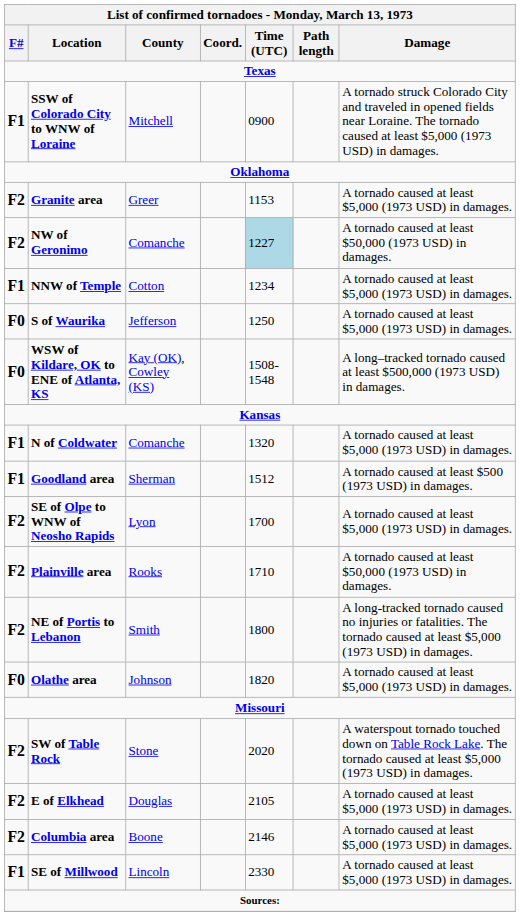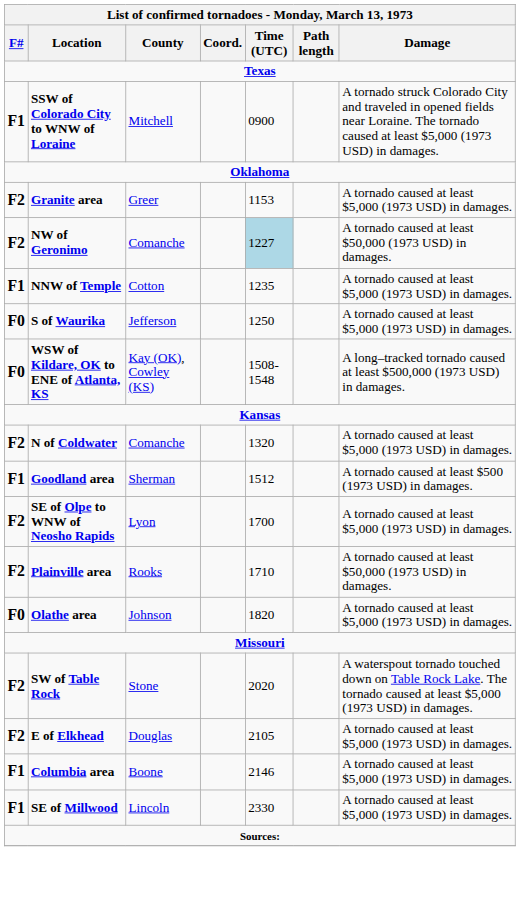 <table class="wikitable collapsible" width="100%">
 <tr>
 <th colspan="7">List of confirmed tornadoes - Monday, March 13, 1973</th>
 </tr>
 <tr>
 <th><a href='#'>F#</a></th>
 <th>Location</th>
 <th>County</th>
 <th>Coord.</th>
 <th>Time (UTC)</th>
 <th>Path length</th>
 <th>Damage</th>
 </tr>
 <tr>
 <td colspan="7" align=center><strong><a href='#'>Texas</a></strong></td>
 </tr>
 <tr>
 <td><big><strong>F1</strong></big></td>
 <td><strong>SSW of <a href='#'>Colorado City</a> to WNW of <a href='#'>Loraine</a></strong></td>
 <td><a href='#'>Mitchell</a></td>
 <td></td>
 <td>0900</td>
 <td></td>
 <td>A tornado struck Colorado City and traveled in opened fields near Loraine. The tornado caused at least $5,000 (1973 USD) in damages.</td>
 </tr>
 <tr>
 <td colspan="7" align="center"><strong><a href='#'>Oklahoma</a></strong></td>
 </tr>
 <tr>
 <td><big><strong>F2</strong></big></td>
 <td><strong><a href='#'>Granite</a> area</strong></td>
 <td><a href='#'>Greer</a></td>
 <td></td>
 <td>1153</td>
 <td></td>
 <td>A tornado caused at least $5,000 (1973 USD) in damages.</td>
 </tr>
 <tr>
 <td><big><strong>F2</strong></big></td>
 <td><strong>NW of <a href='#'>Geronimo</a></strong></td>
 <td><a href='#'>Comanche</a></td>
 <td></td>
 <td style="background: lightblue;">1227</td>
 <td></td>
 <td>A tornado caused at least $50,000 (1973 USD) in damages.</td>
 </tr>
 <tr>
 <td><big><strong>F1</strong></big></td>
 <td><strong>NNW of <a href='#'>Temple</a></strong></td>
 <td><a href='#'>Cotton</a></td>
 <td></td>
-<td>1234</td>
+<td>1235</td>
 <td></td>
 <td>A tornado caused at least $5,000 (1973 USD) in damages.</td>
 </tr>
 <tr>
 <td><big><strong>F0</strong></big></td>
 <td><strong>S of <a href='#'>Waurika</a></strong></td>
 <td><a href='#'>Jefferson</a></td>
 <td></td>
 <td>1250</td>
 <td></td>
 <td>A tornado caused at least $5,000 (1973 USD) in damages.</td>
 </tr>
 <tr>
 <td><big><strong>F0</strong></big></td>
 <td><strong>WSW of <a href='#'>Kildare, OK</a> to ENE of <a href='#'>Atlanta, KS</a></strong></td>
 <td><a href='#'>Kay (OK)</a>, <a href='#'>Cowley (KS)</a></td>
 <td></td>
 <td>1508-1548</td>
 <td></td>
 <td>A long–tracked tornado caused at least $500,000 (1973 USD) in damages.</td>
 </tr>
 <tr>
 <td colspan="7" align="center"><strong><a href='#'>Kansas</a></strong></td>
 </tr>
 <tr>
-<td><big><strong>F1</strong></big></td>
+<td><big><strong>F2</strong></big></td>
 <td><strong>N of <a href='#'>Coldwater</a></strong></td>
 <td><a href='#'>Comanche</a></td>
 <td></td>
 <td>1320</td>
 <td></td>
 <td>A tornado caused at least $5,000 (1973 USD) in damages.</td>
 </tr>
 <tr>
 <td><big><strong>F1</strong></big></td>
 <td><strong><a href='#'>Goodland</a> area</strong></td>
 <td><a href='#'>Sherman</a></td>
 <td></td>
 <td>1512</td>
 <td></td>
 <td>A tornado caused at least $500 (1973 USD) in damages.</td>
 </tr>
 <tr>
 <td><big><strong>F2</strong></big></td>
 <td><strong>SE of <a href='#'>Olpe</a> to WNW of <a href='#'>Neosho Rapids</a></strong></td>
 <td><a href='#'>Lyon</a></td>
 <td></td>
 <td>1700</td>
 <td></td>
 <td>A tornado caused at least $5,000 (1973 USD) in damages.</td>
 </tr>
 <tr>
 <td><big><strong>F2</strong></big></td>
 <td><strong><a href='#'>Plainville</a> area</strong></td>
 <td><a href='#'>Rooks</a></td>
 <td></td>
 <td>1710</td>
 <td></td>
 <td>A tornado caused at least $50,000 (1973 USD) in damages.</td>
 </tr>
 <tr>
-<td><big><strong>F2</strong></big></td>
-<td><strong>NE of <a href='#'>Portis</a> to <a href='#'>Lebanon</a></strong></td>
-<td><a href='#'>Smith</a></td>
-<td></td>
-<td>1800</td>
-<td></td>
-<td>A long-tracked tornado caused no injuries or fatalities. The tornado caused at least $5,000 (1973 USD) in damages.</td>
-</tr>
-<tr>
 <td><big><strong>F0</strong></big></td>
 <td><strong><a href='#'>Olathe</a> area</strong></td>
 <td><a href='#'>Johnson</a></td>
 <td></td>
 <td>1820</td>
 <td></td>
 <td>A tornado caused at least $5,000 (1973 USD) in damages.</td>
 </tr>
 <tr>
 <td colspan="7" align="center"><strong><a href='#'>Missouri</a></strong></td>
 </tr>
 <tr>
 <td><big><strong>F2</strong></big></td>
 <td><strong>SW of <a href='#'>Table Rock</a></strong></td>
 <td><a href='#'>Stone</a></td>
 <td></td>
 <td>2020</td>
 <td></td>
 <td>A waterspout tornado touched down on <a href='#'>Table Rock Lake</a>. The tornado caused at least $5,000 (1973 USD) in damages.</td>
 </tr>
 <tr>
 <td><big><strong>F2</strong></big></td>
 <td><strong>E of <a href='#'>Elkhead</a></strong></td>
 <td><a href='#'>Douglas</a></td>
 <td></td>
 <td>2105</td>
 <td></td>
 <td>A tornado caused at least $5,000 (1973 USD) in damages.</td>
 </tr>
 <tr>
-<td><big><strong>F2</strong></big></td>
+<td><big><strong>F1</strong></big></td>
 <td><strong><a href='#'>Columbia</a> area</strong></td>
 <td><a href='#'>Boone</a></td>
 <td></td>
 <td>2146</td>
 <td></td>
 <td>A tornado caused at least $5,000 (1973 USD) in damages.</td>
 </tr>
 <tr>
 <td><big><strong>F1</strong></big></td>
 <td><strong>SE of <a href='#'>Millwood</a></strong></td>
 <td><a href='#'>Lincoln</a></td>
 <td></td>
 <td>2330</td>
 <td></td>
 <td>A tornado caused at least $5,000 (1973 USD) in damages.</td>
 </tr>
 <tr>
 <td colspan="7" align=center><small><strong>Sources:</strong> </small></td>
 </tr>
 <tr>
 </tr>
 </table>
